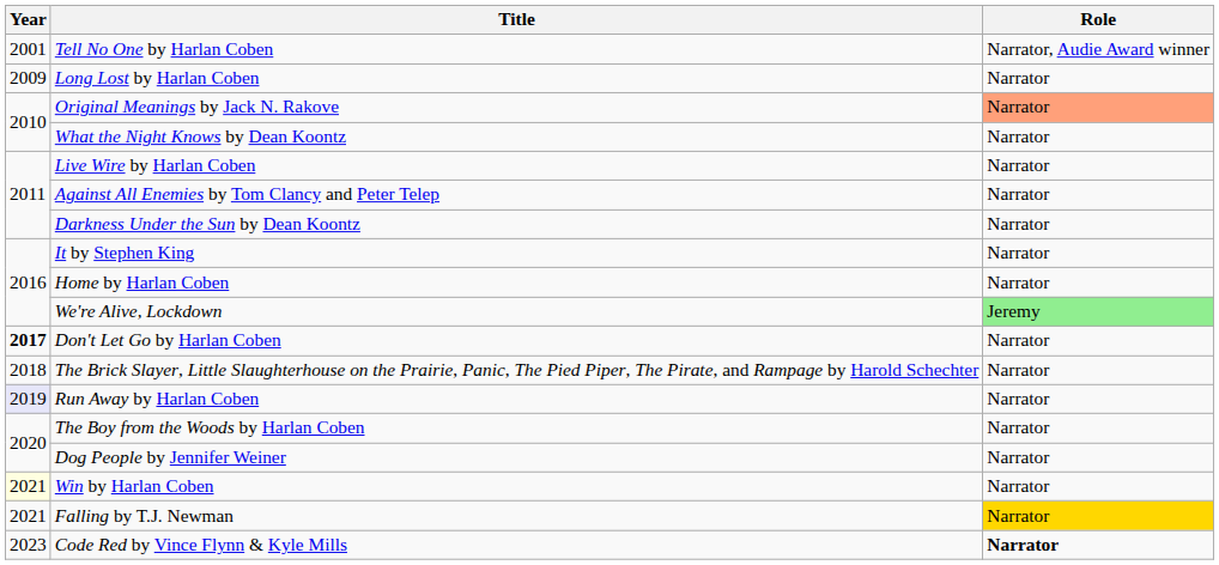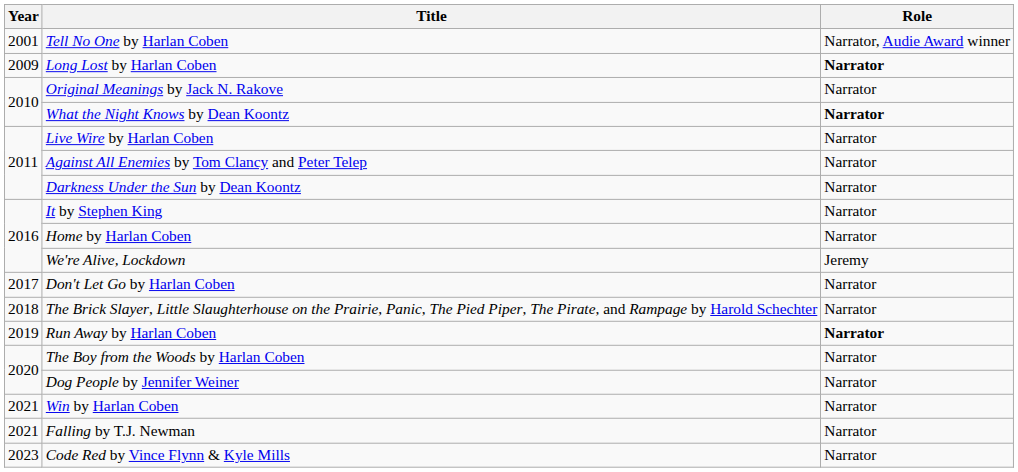 <table class="wikitable sortable">
 <tr>
 <th>Year</th>
 <th>Title</th>
 <th>Role</th>
 </tr>
 <tr>
 <td>2001</td>
 <td><em><a href='#'>Tell No One</a></em> by <a href='#'>Harlan Coben</a></td>
 <td>Narrator, <a href='#'>Audie Award</a> winner</td>
 </tr>
 <tr>
 <td>2009</td>
 <td><em><a href='#'>Long Lost</a></em> by <a href='#'>Harlan Coben</a></td>
-<td>Narrator</td>
+<td><strong>Narrator</strong></td>
 </tr>
 <tr>
 <td rowspan="2">2010</td>
 <td><em><a href='#'>Original Meanings</a></em> by <a href='#'>Jack N. Rakove</a></td>
-<td style="background: lightsalmon;">Narrator</td>
+<td>Narrator</td>
 </tr>
 <tr>
 <td><em><a href='#'>What the Night Knows</a></em> by <a href='#'>Dean Koontz</a></td>
-<td>Narrator</td>
+<td><strong>Narrator</strong></td>
 </tr>
 <tr>
 <td rowspan="3">2011</td>
 <td><em><a href='#'>Live Wire</a></em> by <a href='#'>Harlan Coben</a></td>
 <td>Narrator</td>
 </tr>
 <tr>
 <td><em><a href='#'>Against All Enemies</a></em> by <a href='#'>Tom Clancy</a> and <a href='#'>Peter Telep</a></td>
 <td>Narrator</td>
 </tr>
 <tr>
 <td><em><a href='#'>Darkness Under the Sun</a></em> by <a href='#'>Dean Koontz</a></td>
 <td>Narrator</td>
 </tr>
 <tr>
 <td rowspan="3">2016</td>
 <td><em><a href='#'>It</a></em> by <a href='#'>Stephen King</a></td>
 <td>Narrator</td>
 </tr>
 <tr>
 <td><em>Home</em> by <a href='#'>Harlan Coben</a></td>
 <td>Narrator</td>
 </tr>
 <tr>
 <td><em>We're Alive, Lockdown</em></td>
-<td style="background: lightgreen;">Jeremy</td>
+<td>Jeremy</td>
 </tr>
 <tr>
-<td><strong>2017</strong></td>
+<td>2017</td>
 <td><em>Don't Let Go</em> by <a href='#'>Harlan Coben</a></td>
 <td>Narrator</td>
 </tr>
 <tr>
 <td>2018</td>
 <td><em>The Brick Slayer</em>, <em>Little Slaughterhouse on the Prairie</em>, <em>Panic</em>, <em>The Pied Piper</em>, <em>The Pirate</em>, and <em>Rampage</em> by <a href='#'>Harold Schechter</a></td>
 <td>Narrator</td>
 </tr>
 <tr>
-<td style="background: lavender;">2019</td>
+<td>2019</td>
 <td><em>Run Away</em> by <a href='#'>Harlan Coben</a></td>
-<td>Narrator</td>
+<td><strong>Narrator</strong></td>
 </tr>
 <tr>
 <td rowspan="2">2020</td>
 <td><em>The Boy from the Woods</em> by <a href='#'>Harlan Coben</a></td>
 <td>Narrator</td>
 </tr>
 <tr>
 <td><em>Dog People</em> by <a href='#'>Jennifer Weiner</a></td>
 <td>Narrator</td>
 </tr>
 <tr>
-<td style="background: lightyellow;">2021</td>
+<td>2021</td>
 <td><em><a href='#'>Win</a></em> by <a href='#'>Harlan Coben</a></td>
 <td>Narrator</td>
 </tr>
 <tr>
 <td>2021</td>
 <td><em>Falling</em> by T.J. Newman</td>
-<td style="background: gold;">Narrator</td>
+<td>Narrator</td>
 </tr>
 <tr>
 <td>2023</td>
 <td><em>Code Red</em> by <a href='#'>Vince Flynn</a> & <a href='#'>Kyle Mills</a></td>
-<td><strong>Narrator</strong></td>
+<td>Narrator</td>
 </tr>
 </table>
